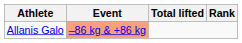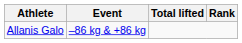 <table class="wikitable" style="font-size:90%">
 <tr>
 <th>Athlete</th>
 <th>Event</th>
 <th>Total lifted</th>
 <th>Rank</th>
 </tr>
 <tr align=center>
 <td align=left><a href='#'>Allanis Galo</a></td>
-<td align=left style="background: lightsalmon;"><a href='#'>–86 kg & +86 kg</a></td>
+<td align=left><a href='#'>–86 kg & +86 kg</a></td>
 <td colspan=2></td>
 </tr>
 </table>
